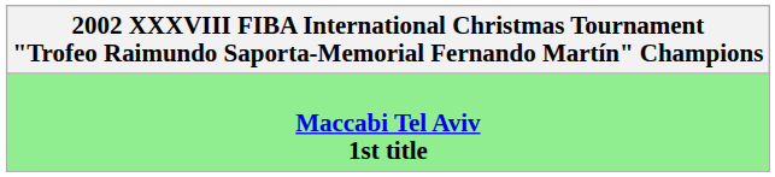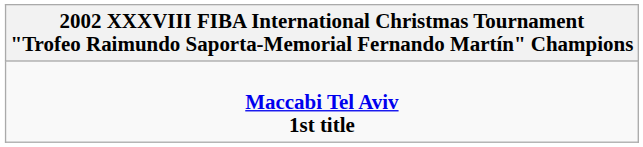 <table class=wikitable style="text-align:center; margin:auto">
 <tr>
 <th>2002 XXXVIII FIBA International Christmas Tournament<br>"Trofeo Raimundo Saporta-Memorial Fernando Martín" Champions</th>
 </tr>
 <tr>
-<td style="background: lightgreen;"><br> <strong><a href='#'>Maccabi Tel Aviv</a></strong> <br> <strong>1st title</strong></td>
+<td><br> <strong><a href='#'>Maccabi Tel Aviv</a></strong> <br> <strong>1st title</strong></td>
 </tr>
 </table>
